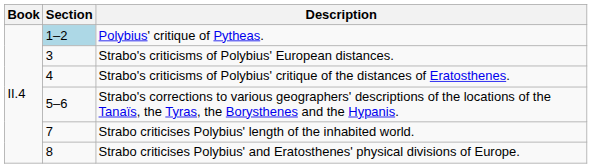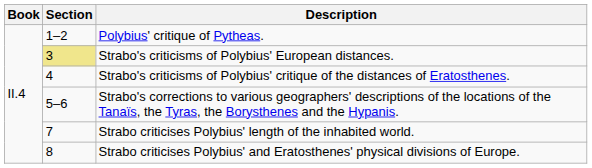 <table class="wikitable" style="max-width:45em;">
 <tr>
 <th>Book</th>
 <th>Section</th>
 <th>Description</th>
 </tr>
 <tr>
 <td rowspan="6">II.4</td>
-<td style="background: lightblue;">1–2</td>
+<td>1–2</td>
 <td><a href='#'>Polybius</a>' critique of <a href='#'>Pytheas</a>.</td>
 </tr>
 <tr>
-<td>3</td>
+<td style="background: khaki;">3</td>
 <td>Strabo's criticisms of Polybius' European distances.</td>
 </tr>
 <tr>
 <td>4</td>
 <td>Strabo's criticisms of Polybius' critique of the distances of <a href='#'>Eratosthenes</a>.</td>
 </tr>
 <tr>
 <td>5–6</td>
 <td>Strabo's corrections to various geographers' descriptions of the locations of the <a href='#'>Tanaïs</a>, the <a href='#'>Tyras</a>, the <a href='#'>Borysthenes</a> and the <a href='#'>Hypanis</a>.</td>
 </tr>
 <tr>
 <td>7</td>
 <td>Strabo criticises Polybius' length of the inhabited world.</td>
 </tr>
 <tr>
 <td>8</td>
 <td>Strabo criticises Polybius' and Eratosthenes' physical divisions of Europe.</td>
 </tr>
 </table>
